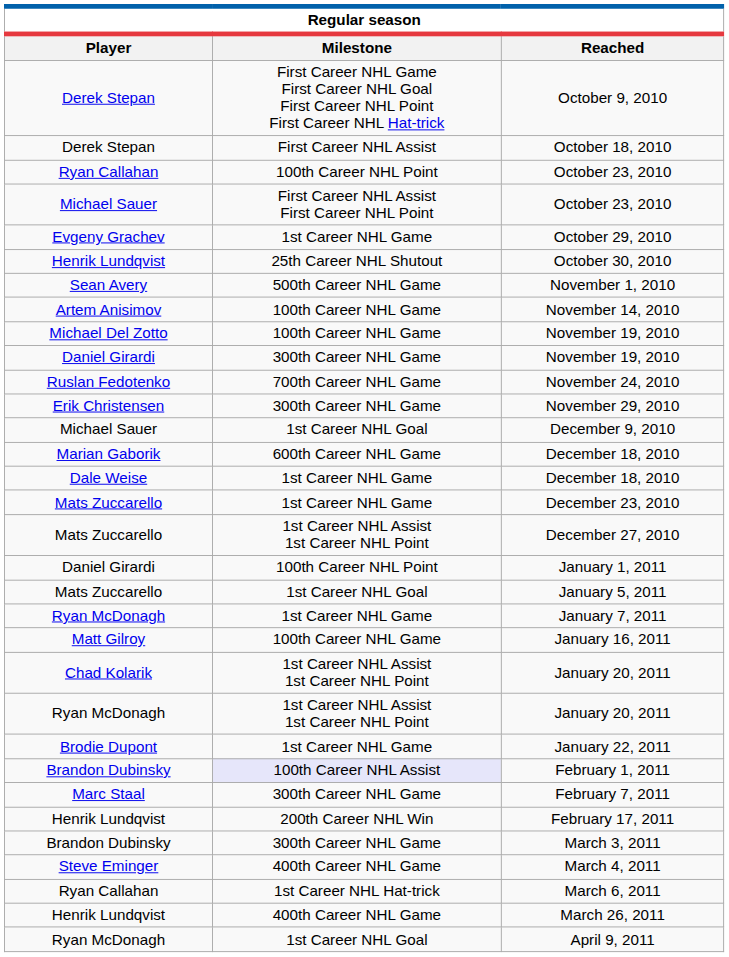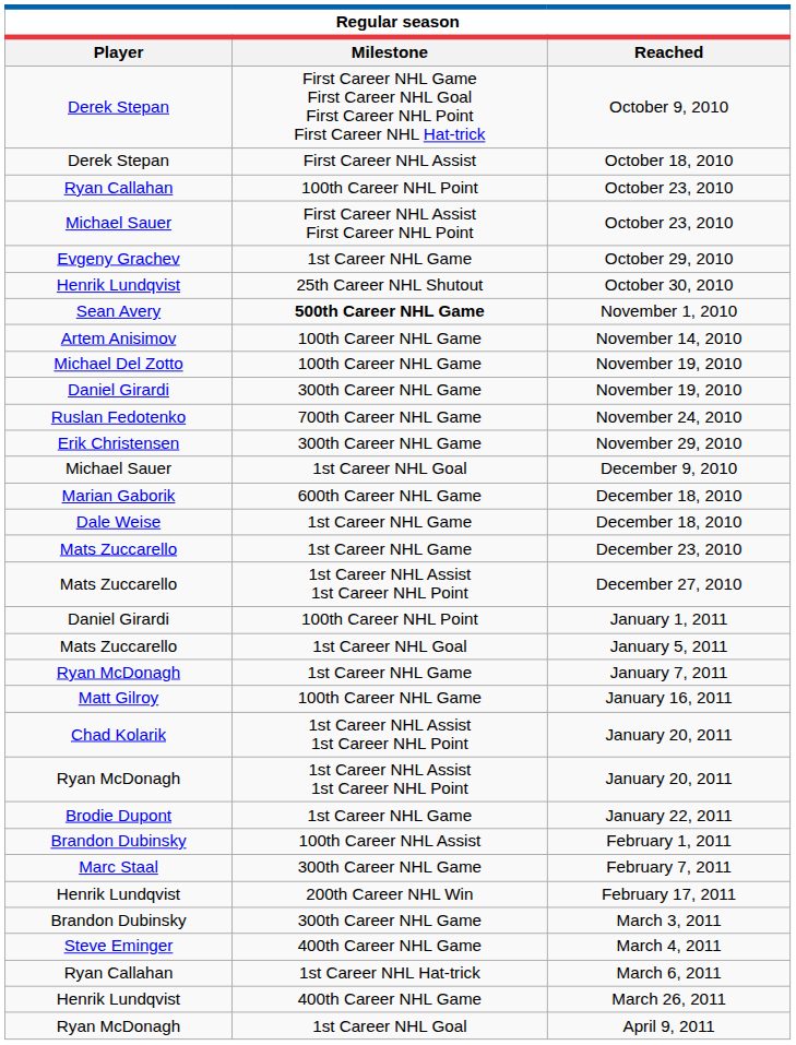 <table class="wikitable" width="60%" style="text-align:center">
 <tr>
 <td colspan="10" style="background:#FFFFFF; border-top:#0161AB 5px solid; border-bottom:#E6393F 5px solid;"><strong>Regular season</strong></td>
 </tr>
 <tr>
 <th>Player</th>
 <th>Milestone</th>
 <th>Reached</th>
 </tr>
 <tr>
 <td><a href='#'>Derek Stepan</a></td>
 <td>First Career NHL Game<br>First Career NHL Goal<br>First Career NHL Point<br>First Career NHL <a href='#'>Hat-trick</a></td>
 <td>October 9, 2010</td>
 </tr>
 <tr>
 <td>Derek Stepan</td>
 <td>First Career NHL Assist</td>
 <td>October 18, 2010</td>
 </tr>
 <tr>
 <td><a href='#'>Ryan Callahan</a></td>
 <td>100th Career NHL Point</td>
 <td>October 23, 2010</td>
 </tr>
 <tr>
 <td><a href='#'>Michael Sauer</a></td>
 <td>First Career NHL Assist<br>First Career NHL Point</td>
 <td>October 23, 2010</td>
 </tr>
 <tr>
 <td><a href='#'>Evgeny Grachev</a></td>
 <td>1st Career NHL Game</td>
 <td>October 29, 2010</td>
 </tr>
 <tr>
 <td><a href='#'>Henrik Lundqvist</a></td>
 <td>25th Career NHL Shutout</td>
 <td>October 30, 2010</td>
 </tr>
 <tr>
 <td><a href='#'>Sean Avery</a></td>
-<td>500th Career NHL Game</td>
+<td><strong>500th Career NHL Game</strong></td>
 <td>November 1, 2010</td>
 </tr>
 <tr>
 <td><a href='#'>Artem Anisimov</a></td>
 <td>100th Career NHL Game</td>
 <td>November 14, 2010</td>
 </tr>
 <tr>
 <td><a href='#'>Michael Del Zotto</a></td>
 <td>100th Career NHL Game</td>
 <td>November 19, 2010</td>
 </tr>
 <tr>
 <td><a href='#'>Daniel Girardi</a></td>
 <td>300th Career NHL Game</td>
 <td>November 19, 2010</td>
 </tr>
 <tr>
 <td><a href='#'>Ruslan Fedotenko</a></td>
 <td>700th Career NHL Game</td>
 <td>November 24, 2010</td>
 </tr>
 <tr>
 <td><a href='#'>Erik Christensen</a></td>
 <td>300th Career NHL Game</td>
 <td>November 29, 2010</td>
 </tr>
 <tr>
 <td>Michael Sauer</td>
 <td>1st Career NHL Goal</td>
 <td>December 9, 2010</td>
 </tr>
 <tr>
 <td><a href='#'>Marian Gaborik</a></td>
 <td>600th Career NHL Game</td>
 <td>December 18, 2010</td>
 </tr>
 <tr>
 <td><a href='#'>Dale Weise</a></td>
 <td>1st Career NHL Game</td>
 <td>December 18, 2010</td>
 </tr>
 <tr>
 <td><a href='#'>Mats Zuccarello</a></td>
 <td>1st Career NHL Game</td>
 <td>December 23, 2010</td>
 </tr>
 <tr>
 <td>Mats Zuccarello</td>
 <td>1st Career NHL Assist<br>1st Career NHL Point</td>
 <td>December 27, 2010</td>
 </tr>
 <tr>
 <td>Daniel Girardi</td>
 <td>100th Career NHL Point</td>
 <td>January 1, 2011</td>
 </tr>
 <tr>
 <td>Mats Zuccarello</td>
 <td>1st Career NHL Goal</td>
 <td>January 5, 2011</td>
 </tr>
 <tr>
 <td><a href='#'>Ryan McDonagh</a></td>
 <td>1st Career NHL Game</td>
 <td>January 7, 2011</td>
 </tr>
 <tr>
 <td><a href='#'>Matt Gilroy</a></td>
 <td>100th Career NHL Game</td>
 <td>January 16, 2011</td>
 </tr>
 <tr>
 <td><a href='#'>Chad Kolarik</a></td>
 <td>1st Career NHL Assist<br>1st Career NHL Point</td>
 <td>January 20, 2011</td>
 </tr>
 <tr>
 <td>Ryan McDonagh</td>
 <td>1st Career NHL Assist<br>1st Career NHL Point</td>
 <td>January 20, 2011</td>
 </tr>
 <tr>
 <td><a href='#'>Brodie Dupont</a></td>
 <td>1st Career NHL Game</td>
 <td>January 22, 2011</td>
 </tr>
 <tr>
 <td><a href='#'>Brandon Dubinsky</a></td>
-<td style="background: lavender;">100th Career NHL Assist</td>
+<td>100th Career NHL Assist</td>
 <td>February 1, 2011</td>
 </tr>
 <tr>
 <td><a href='#'>Marc Staal</a></td>
 <td>300th Career NHL Game</td>
 <td>February 7, 2011</td>
 </tr>
 <tr>
 <td>Henrik Lundqvist</td>
 <td>200th Career NHL Win</td>
 <td>February 17, 2011</td>
 </tr>
 <tr>
 <td>Brandon Dubinsky</td>
 <td>300th Career NHL Game</td>
 <td>March 3, 2011</td>
 </tr>
 <tr>
 <td><a href='#'>Steve Eminger</a></td>
 <td>400th Career NHL Game</td>
 <td>March 4, 2011</td>
 </tr>
 <tr>
 <td>Ryan Callahan</td>
 <td>1st Career NHL Hat-trick</td>
 <td>March 6, 2011</td>
 </tr>
 <tr>
 <td>Henrik Lundqvist</td>
 <td>400th Career NHL Game</td>
 <td>March 26, 2011</td>
 </tr>
 <tr>
 <td>Ryan McDonagh</td>
 <td>1st Career NHL Goal</td>
 <td>April 9, 2011</td>
 </tr>
 </table>
